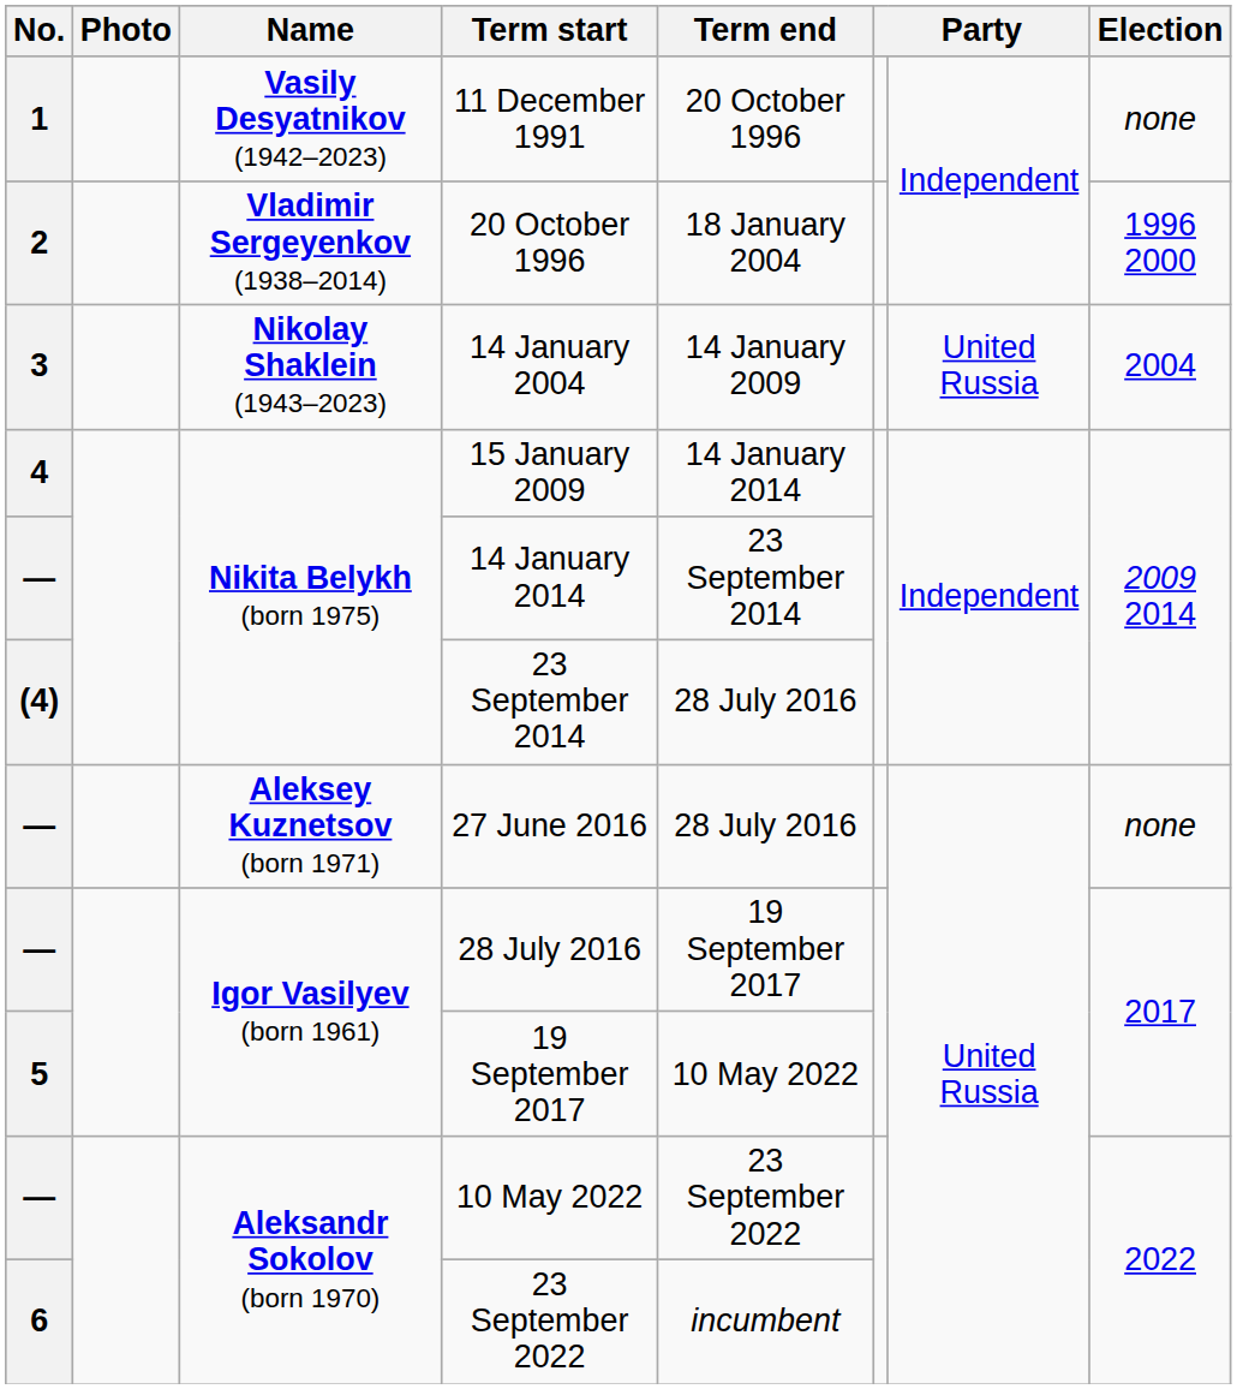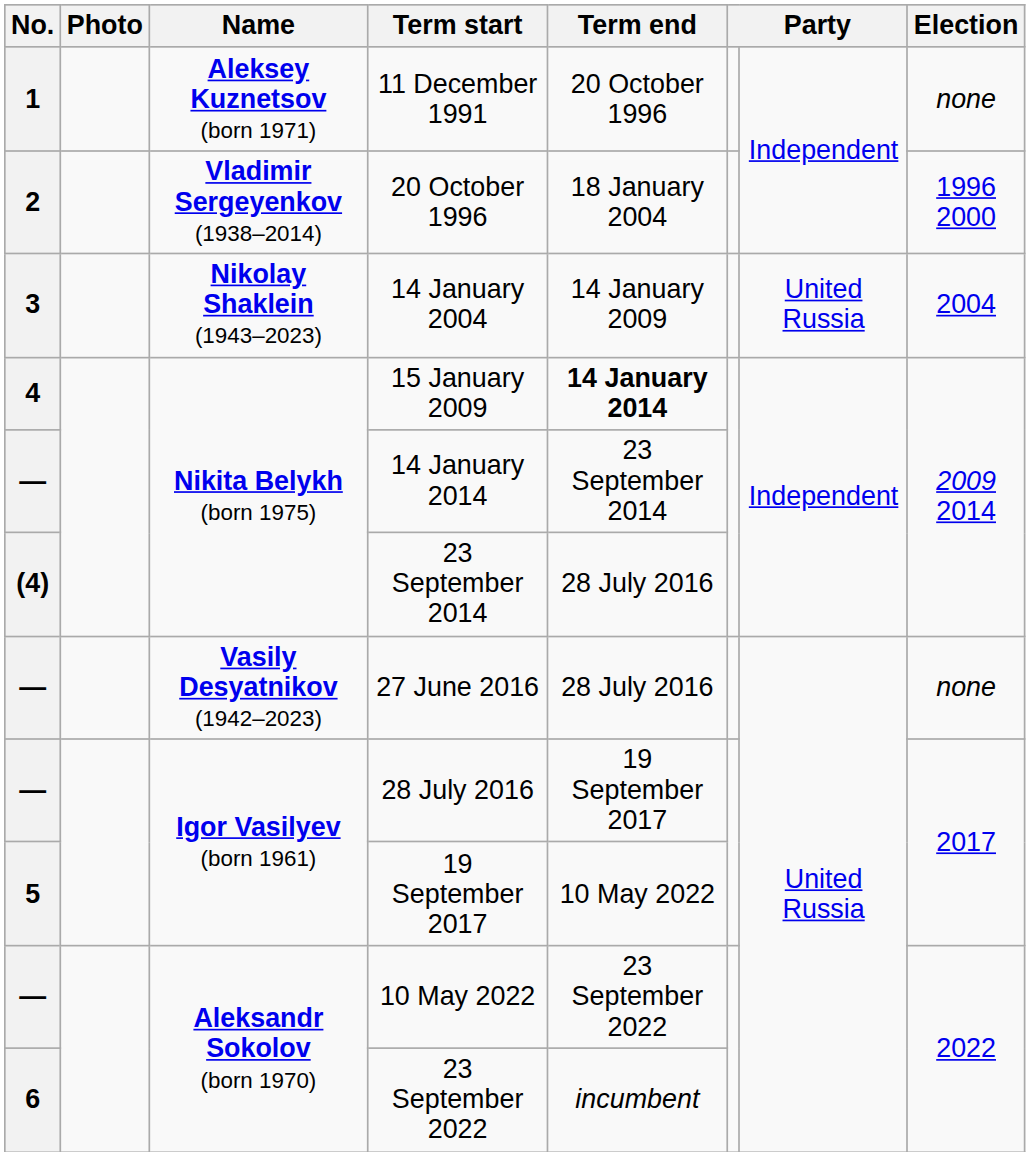 <table class="wikitable" style="text-align:center">
 <tr>
 <th>No.</th>
 <th>Photo</th>
 <th>Name</th>
 <th>Term start</th>
 <th>Term end</th>
 <th colspan=2>Party</th>
 <th>Election</th>
 </tr>
 <tr>
 <th>1</th>
 <td></td>
-<td><strong><a href='#'>Vasily Desyatnikov</a></strong><br><small>(1942–2023)</small></td>
+<td><strong><a href='#'>Aleksey Kuznetsov</a></strong><br><small>(born 1971)</small></td>
 <td>11 December 1991</td>
 <td>20 October 1996</td>
 <td style="background-color:"></td>
 <td rowspan=2><a href='#'>Independent</a></td>
 <td><em>none</em></td>
 </tr>
 <tr>
 <th>2</th>
 <td></td>
 <td><strong><a href='#'>Vladimir Sergeyenkov</a></strong><br><small>(1938–2014)</small></td>
 <td>20 October 1996</td>
 <td>18 January 2004</td>
 <td style="background-color:"></td>
 <td><a href='#'>1996</a><br><a href='#'>2000</a></td>
 </tr>
 <tr>
 <th>3</th>
 <td></td>
 <td><strong><a href='#'>Nikolay Shaklein</a></strong><br><small>(1943–2023)</small></td>
 <td>14 January 2004</td>
 <td>14 January 2009</td>
 <td style="background-color:"></td>
 <td><a href='#'>United Russia</a></td>
 <td><a href='#'>2004</a></td>
 </tr>
 <tr>
 <th>4</th>
 <td rowspan=3></td>
 <td rowspan=3><strong><a href='#'>Nikita Belykh</a></strong><br><small>(born 1975)</small></td>
 <td>15 January 2009</td>
-<td>14 January 2014</td>
+<td><strong>14 January 2014</strong></td>
 <td rowspan=3; style="background-color:"></td>
 <td rowspan=3><a href='#'>Independent</a></td>
 <td rowspan=3><em><a href='#'>2009</a></em><br><a href='#'>2014</a></td>
 </tr>
 <tr>
 <th>—</th>
 <td>14 January 2014</td>
 <td>23 September 2014</td>
 </tr>
 <tr>
 <th>(4)</th>
 <td>23 September 2014</td>
 <td>28 July 2016</td>
 </tr>
 <tr>
 <th>—</th>
 <td></td>
-<td><strong><a href='#'>Aleksey Kuznetsov</a></strong><br><small>(born 1971)</small></td>
+<td><strong><a href='#'>Vasily Desyatnikov</a></strong><br><small>(1942–2023)</small></td>
 <td>27 June 2016</td>
 <td>28 July 2016</td>
 <td style="background-color:"></td>
 <td rowspan="5"><a href='#'>United Russia</a></td>
 <td><em>none</em></td>
 </tr>
 <tr>
 <th>—</th>
 <td rowspan=2></td>
 <td rowspan=2><strong><a href='#'>Igor Vasilyev</a></strong><br><small>(born 1961)</small></td>
 <td>28 July 2016</td>
 <td>19 September 2017</td>
 <td rowspan=2; style="background-color:"></td>
 <td rowspan=2><a href='#'>2017</a></td>
 </tr>
 <tr>
 <th>5</th>
 <td>19 September 2017</td>
 <td>10 May 2022</td>
 </tr>
 <tr>
 <th>—</th>
 <td rowspan=2></td>
 <td rowspan=2><strong><a href='#'>Aleksandr Sokolov</a></strong><br><small>(born 1970)</small></td>
 <td>10 May 2022</td>
 <td>23 September 2022</td>
 <td rowspan=2; style="background-color:"></td>
 <td rowspan=2><a href='#'>2022</a></td>
 </tr>
 <tr>
 <th>6</th>
 <td>23 September 2022</td>
 <td><em>incumbent</em></td>
 </tr>
 </table>
